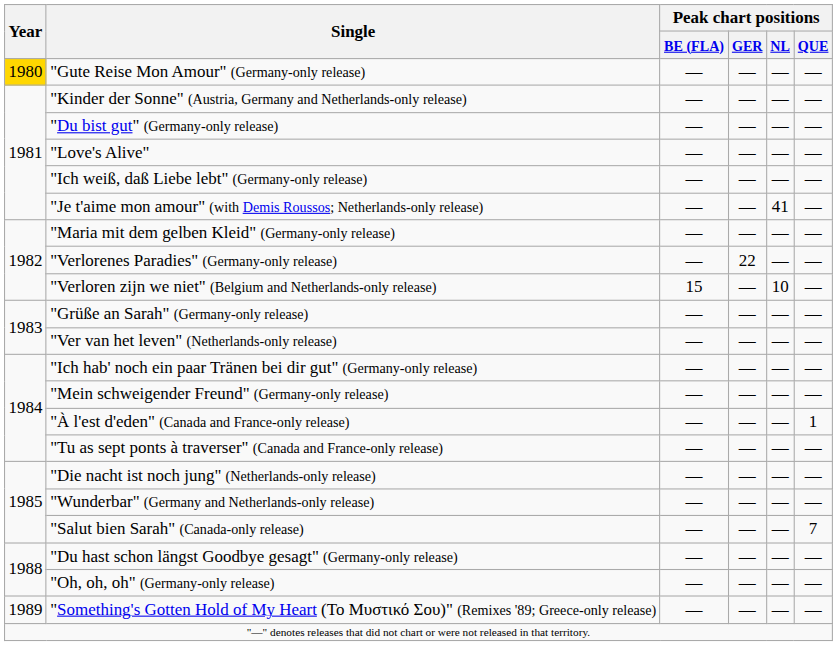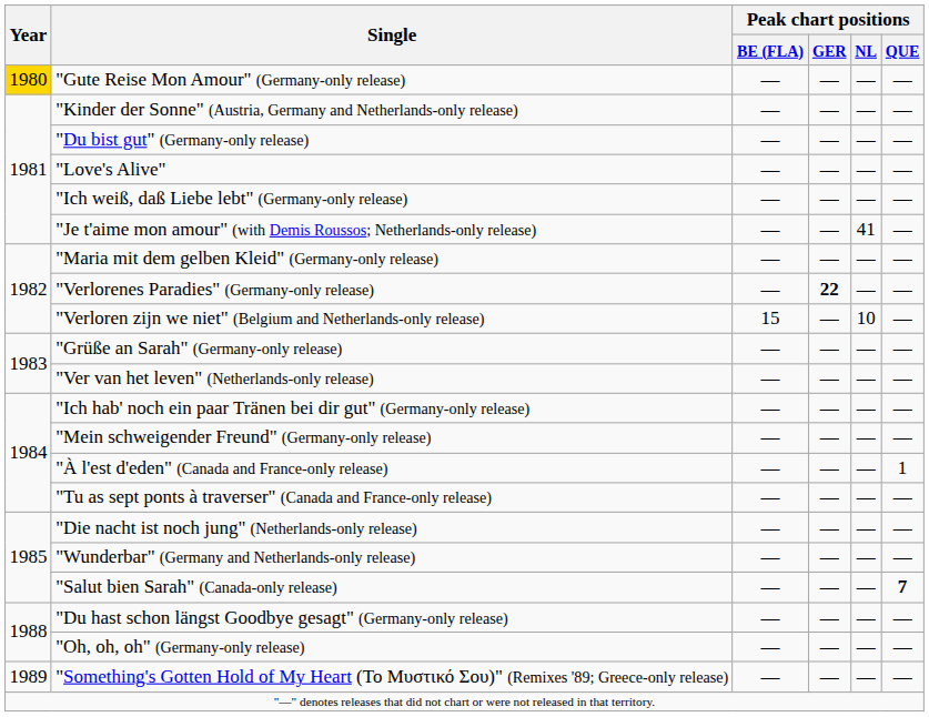 <table class="wikitable" style="text-align:center">
 <tr>
 <th rowspan="2">Year</th>
 <th rowspan="2">Single</th>
 <th colspan="4">Peak chart positions</th>
 </tr>
 <tr>
 <th><small><a href='#'>BE (FLA)</a></small><br></th>
 <th><small><a href='#'>GER</a></small><br></th>
 <th><small><a href='#'>NL</a></small><br></th>
 <th><small><a href='#'>QUE</a></small><br></th>
 </tr>
 <tr>
 <td style="background: gold;">1980</td>
 <td align="left">"Gute Reise Mon Amour" <small>(Germany-only release)</small></td>
 <td>—</td>
 <td>—</td>
 <td>—</td>
 <td>—</td>
 </tr>
 <tr>
 <td rowspan="5">1981</td>
 <td align="left">"Kinder der Sonne" <small>(Austria, Germany and Netherlands-only release)</small></td>
 <td>—</td>
 <td>—</td>
 <td>—</td>
 <td>—</td>
 </tr>
 <tr>
 <td align="left">"<a href='#'>Du bist gut</a>" <small>(Germany-only release)</small></td>
 <td>—</td>
 <td>—</td>
 <td>—</td>
 <td>—</td>
 </tr>
 <tr>
 <td align="left">"Love's Alive"</td>
 <td>—</td>
 <td>—</td>
 <td>—</td>
 <td>—</td>
 </tr>
 <tr>
 <td align="left">"Ich weiß, daß Liebe lebt" <small>(Germany-only release)</small> </td>
 <td>—</td>
 <td>—</td>
 <td>—</td>
 <td>—</td>
 </tr>
 <tr>
 <td align="left">"Je t'aime mon amour" <small>(with <a href='#'>Demis Roussos</a>; Netherlands-only release)</small></td>
 <td>—</td>
 <td>—</td>
 <td>41</td>
 <td>—</td>
 </tr>
 <tr>
 <td rowspan="3">1982</td>
 <td align="left">"Maria mit dem gelben Kleid" <small>(Germany-only release)</small></td>
 <td>—</td>
 <td>—</td>
 <td>—</td>
 <td>—</td>
 </tr>
 <tr>
 <td align="left">"Verlorenes Paradies" <small>(Germany-only release)</small></td>
 <td>—</td>
-<td>22</td>
+<td><strong>22</strong></td>
 <td>—</td>
 <td>—</td>
 </tr>
 <tr>
 <td align="left">"Verloren zijn we niet" <small>(Belgium and Netherlands-only release)</small> </td>
 <td>15</td>
 <td>—</td>
 <td>10</td>
 <td>—</td>
 </tr>
 <tr>
 <td rowspan="2">1983</td>
 <td align="left">"Grüße an Sarah" <small>(Germany-only release)</small></td>
 <td>—</td>
 <td>—</td>
 <td>—</td>
 <td>—</td>
 </tr>
 <tr>
 <td align="left">"Ver van het leven" <small>(Netherlands-only release)</small></td>
 <td>—</td>
 <td>—</td>
 <td>—</td>
 <td>—</td>
 </tr>
 <tr>
 <td rowspan="4">1984</td>
 <td align="left">"Ich hab' noch ein paar Tränen bei dir gut" <small>(Germany-only release)</small></td>
 <td>—</td>
 <td>—</td>
 <td>—</td>
 <td>—</td>
 </tr>
 <tr>
 <td align="left">"Mein schweigender Freund" <small>(Germany-only release)</small></td>
 <td>—</td>
 <td>—</td>
 <td>—</td>
 <td>—</td>
 </tr>
 <tr>
 <td align="left">"À l'est d'eden" <small>(Canada and France-only release)</small></td>
 <td>—</td>
 <td>—</td>
 <td>—</td>
 <td>1</td>
 </tr>
 <tr>
 <td align="left">"Tu as sept ponts à traverser" <small>(Canada and France-only release)</small></td>
 <td>—</td>
 <td>—</td>
 <td>—</td>
 <td>—</td>
 </tr>
 <tr>
 <td rowspan="3">1985</td>
 <td align="left">"Die nacht ist noch jung" <small>(Netherlands-only release)</small></td>
 <td>—</td>
 <td>—</td>
 <td>—</td>
 <td>—</td>
 </tr>
 <tr>
 <td align="left">"Wunderbar" <small>(Germany and Netherlands-only release)</small></td>
 <td>—</td>
 <td>—</td>
 <td>—</td>
 <td>—</td>
 </tr>
 <tr>
 <td align="left">"Salut bien Sarah" <small>(Canada-only release)</small></td>
 <td>—</td>
 <td>—</td>
 <td>—</td>
-<td>7</td>
+<td><strong>7</strong></td>
 </tr>
 <tr>
 <td rowspan="2">1988</td>
 <td align="left">"Du hast schon längst Goodbye gesagt" <small>(Germany-only release)</small></td>
 <td>—</td>
 <td>—</td>
 <td>—</td>
 <td>—</td>
 </tr>
 <tr>
 <td align="left">"Oh, oh, oh" <small>(Germany-only release)</small></td>
 <td>—</td>
 <td>—</td>
 <td>—</td>
 <td>—</td>
 </tr>
 <tr>
 <td>1989</td>
 <td align="left">"<a href='#'>Something's Gotten Hold of My Heart</a> (Το Μυστικό Σου)" <small>(Remixes '89; Greece-only release)</small></td>
 <td>—</td>
 <td>—</td>
 <td>—</td>
 <td>—</td>
 </tr>
 <tr>
 <td colspan="6" style="font-size:8pt">"—" denotes releases that did not chart or were not released in that territory.</td>
 </tr>
 </table>
